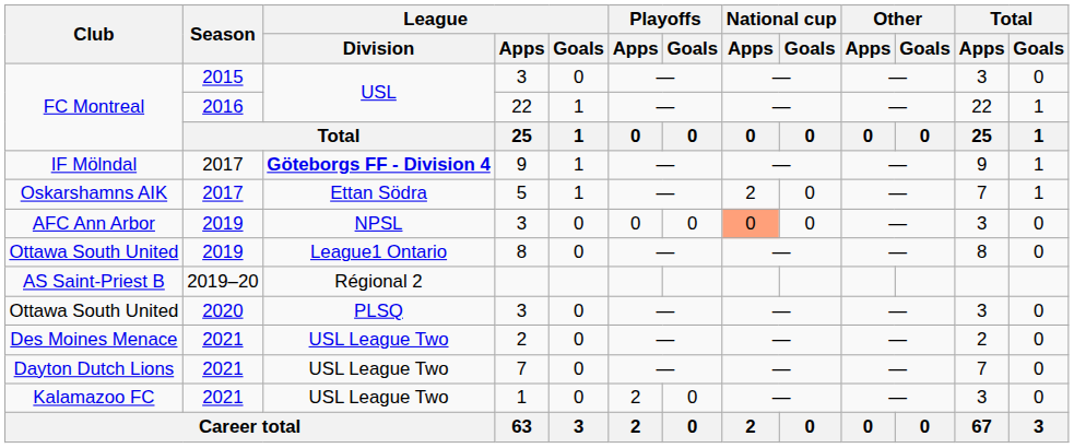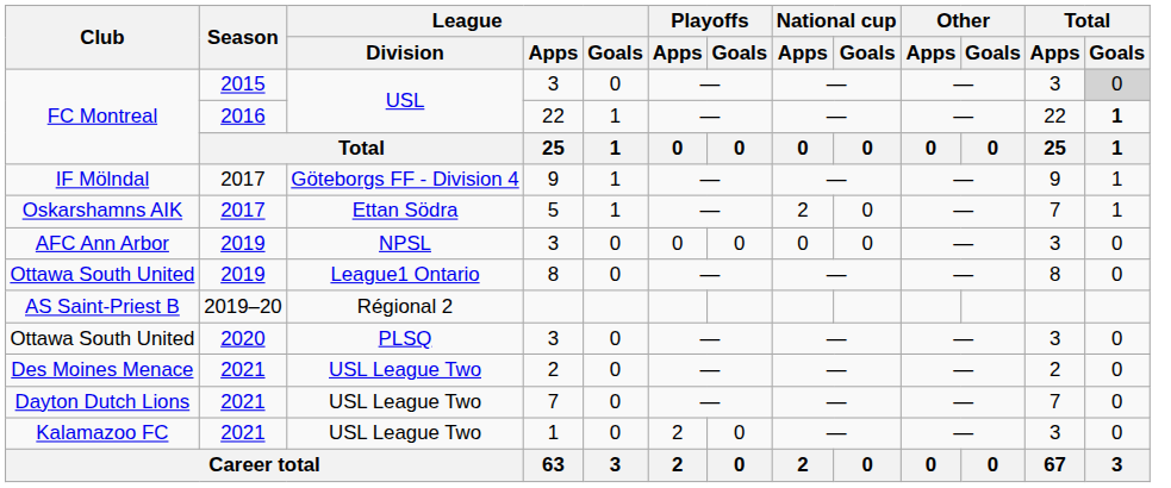 <table class="wikitable" style="text-align:center">
 <tr>
 <th rowspan="2">Club</th>
 <th rowspan="2">Season</th>
 <th colspan="3">League</th>
 <th colspan="2">Playoffs</th>
 <th colspan="2">National cup</th>
 <th colspan="2">Other</th>
 <th colspan="2">Total</th>
 </tr>
 <tr>
 <th>Division</th>
 <th>Apps</th>
 <th>Goals</th>
 <th>Apps</th>
 <th>Goals</th>
 <th>Apps</th>
 <th>Goals</th>
 <th>Apps</th>
 <th>Goals</th>
 <th>Apps</th>
 <th>Goals</th>
 </tr>
 <tr>
 <td rowspan="3"><a href='#'>FC Montreal</a></td>
 <td><a href='#'>2015</a></td>
 <td rowspan="2"><a href='#'>USL</a></td>
 <td>3</td>
 <td>0</td>
 <td colspan="2">—</td>
 <td colspan="2">—</td>
 <td colspan="2">—</td>
 <td>3</td>
-<td>0</td>
+<td style="background: lightgrey;">0</td>
 </tr>
 <tr>
 <td><a href='#'>2016</a></td>
 <td>22</td>
 <td>1</td>
 <td colspan="2">—</td>
 <td colspan="2">—</td>
 <td colspan="2">—</td>
 <td>22</td>
-<td>1</td>
+<td><strong>1</strong></td>
 </tr>
 <tr>
 <th colspan="2">Total</th>
 <th>25</th>
 <th>1</th>
 <th>0</th>
 <th>0</th>
 <th>0</th>
 <th>0</th>
 <th>0</th>
 <th>0</th>
 <th>25</th>
 <th>1</th>
 </tr>
 <tr>
 <td><a href='#'>IF Mölndal</a></td>
 <td>2017</td>
-<td><strong><a href='#'>Göteborgs FF - Division 4</a></strong></td>
+<td><a href='#'>Göteborgs FF - Division 4</a></td>
 <td>9</td>
 <td>1</td>
 <td colspan="2">—</td>
 <td colspan="2">—</td>
 <td colspan="2">—</td>
 <td>9</td>
 <td>1</td>
 </tr>
 <tr>
 <td><a href='#'>Oskarshamns AIK</a></td>
 <td><a href='#'>2017</a></td>
 <td><a href='#'>Ettan Södra</a></td>
 <td>5</td>
 <td>1</td>
 <td colspan="2">—</td>
 <td>2</td>
 <td>0</td>
 <td colspan="2">—</td>
 <td>7</td>
 <td>1</td>
 </tr>
 <tr>
 <td><a href='#'>AFC Ann Arbor</a></td>
 <td><a href='#'>2019</a></td>
 <td><a href='#'>NPSL</a></td>
 <td>3</td>
 <td>0</td>
 <td>0</td>
 <td>0</td>
-<td style="background: lightsalmon;">0</td>
+<td>0</td>
 <td>0</td>
 <td colspan="2">—</td>
 <td>3</td>
 <td>0</td>
 </tr>
 <tr>
 <td><a href='#'>Ottawa South United</a></td>
 <td><a href='#'>2019</a></td>
 <td><a href='#'>League1 Ontario</a></td>
 <td>8</td>
 <td>0</td>
 <td colspan="2">—</td>
 <td colspan="2">—</td>
 <td colspan="2">—</td>
 <td>8</td>
 <td>0</td>
 </tr>
 <tr>
 <td><a href='#'>AS Saint-Priest B</a></td>
 <td>2019–20</td>
 <td>Régional 2</td>
 <td></td>
 <td></td>
 <td></td>
 <td></td>
 <td></td>
 <td></td>
 <td></td>
 <td></td>
 <td></td>
 <td></td>
 </tr>
 <tr>
 <td>Ottawa South United</td>
 <td><a href='#'>2020</a></td>
 <td><a href='#'>PLSQ</a></td>
 <td>3</td>
 <td>0</td>
 <td colspan="2">—</td>
 <td colspan="2">—</td>
 <td colspan="2">—</td>
 <td>3</td>
 <td>0</td>
 </tr>
 <tr>
 <td><a href='#'>Des Moines Menace</a></td>
 <td><a href='#'>2021</a></td>
 <td><a href='#'>USL League Two</a></td>
 <td>2</td>
 <td>0</td>
 <td colspan="2">—</td>
 <td colspan="2">—</td>
 <td colspan="2">—</td>
 <td>2</td>
 <td>0</td>
 </tr>
 <tr>
 <td><a href='#'>Dayton Dutch Lions</a></td>
 <td><a href='#'>2021</a></td>
 <td>USL League Two</td>
 <td>7</td>
 <td>0</td>
 <td colspan="2">—</td>
 <td colspan="2">—</td>
 <td colspan="2">—</td>
 <td>7</td>
 <td>0</td>
 </tr>
 <tr>
 <td><a href='#'>Kalamazoo FC</a></td>
 <td><a href='#'>2021</a></td>
 <td>USL League Two</td>
 <td>1</td>
 <td>0</td>
 <td>2</td>
 <td>0</td>
 <td colspan="2">—</td>
 <td colspan="2">—</td>
 <td>3</td>
 <td>0</td>
 </tr>
 <tr>
 <th colspan="3">Career total</th>
 <th>63</th>
 <th>3</th>
 <th>2</th>
 <th>0</th>
 <th>2</th>
 <th>0</th>
 <th>0</th>
 <th>0</th>
 <th>67</th>
 <th>3</th>
 </tr>
 </table>
